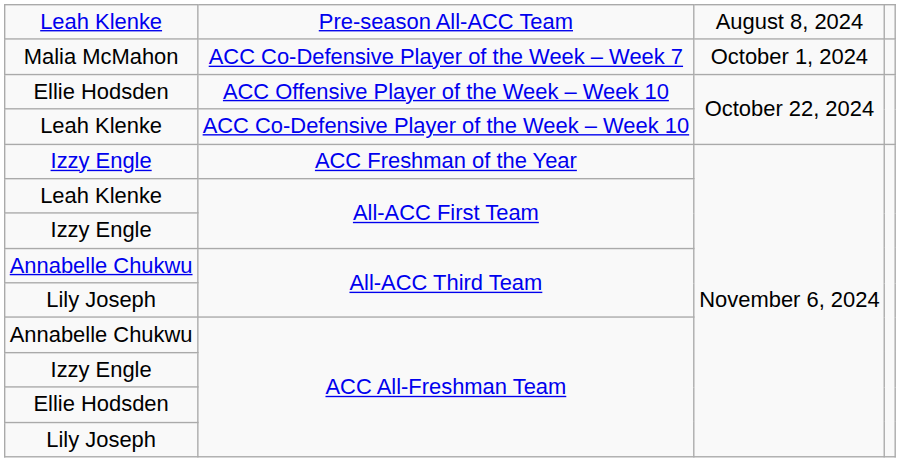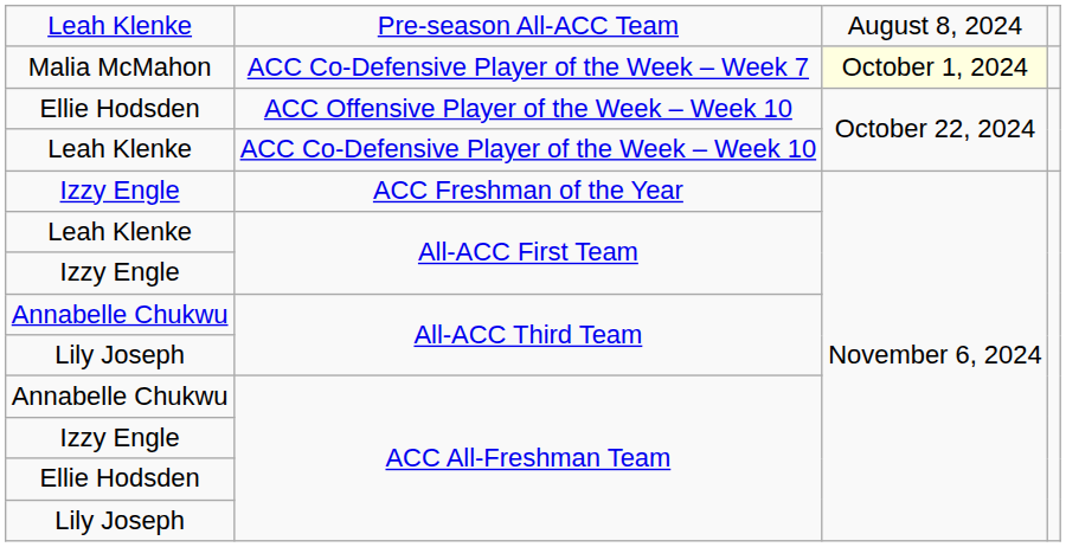 <table class="wikitable sortable" style="text-align: center">
 <tr>
 <td><a href='#'>Leah Klenke</a></td>
 <td><a href='#'>Pre-season All-ACC Team</a></td>
 <td>August 8, 2024</td>
 <td></td>
 </tr>
 <tr>
 <td>Malia McMahon</td>
 <td><a href='#'>ACC Co-Defensive Player of the Week – Week 7</a></td>
-<td>October 1, 2024</td>
+<td style="background: lightyellow;">October 1, 2024</td>
 <td></td>
 </tr>
 <tr>
 <td>Ellie Hodsden</td>
 <td><a href='#'>ACC Offensive Player of the Week – Week 10</a></td>
 <td rowspan=2>October 22, 2024</td>
 <td rowspan=2></td>
 </tr>
 <tr>
 <td>Leah Klenke</td>
 <td><a href='#'>ACC Co-Defensive Player of the Week – Week 10</a></td>
 </tr>
 <tr>
 <td><a href='#'>Izzy Engle</a></td>
 <td><a href='#'>ACC Freshman of the Year</a></td>
 <td rowspan=9>November 6, 2024</td>
 <td rowspan=9></td>
 </tr>
 <tr>
 <td>Leah Klenke</td>
 <td rowspan=2><a href='#'>All-ACC First Team</a></td>
 </tr>
 <tr>
 <td>Izzy Engle</td>
 </tr>
 <tr>
 <td><a href='#'>Annabelle Chukwu</a></td>
 <td rowspan=2><a href='#'>All-ACC Third Team</a></td>
 </tr>
 <tr>
 <td>Lily Joseph</td>
 </tr>
 <tr>
 <td>Annabelle Chukwu</td>
 <td rowspan=4><a href='#'>ACC All-Freshman Team</a></td>
 </tr>
 <tr>
 <td>Izzy Engle</td>
 </tr>
 <tr>
 <td>Ellie Hodsden</td>
 </tr>
 <tr>
 <td>Lily Joseph</td>
 </tr>
 </table>
